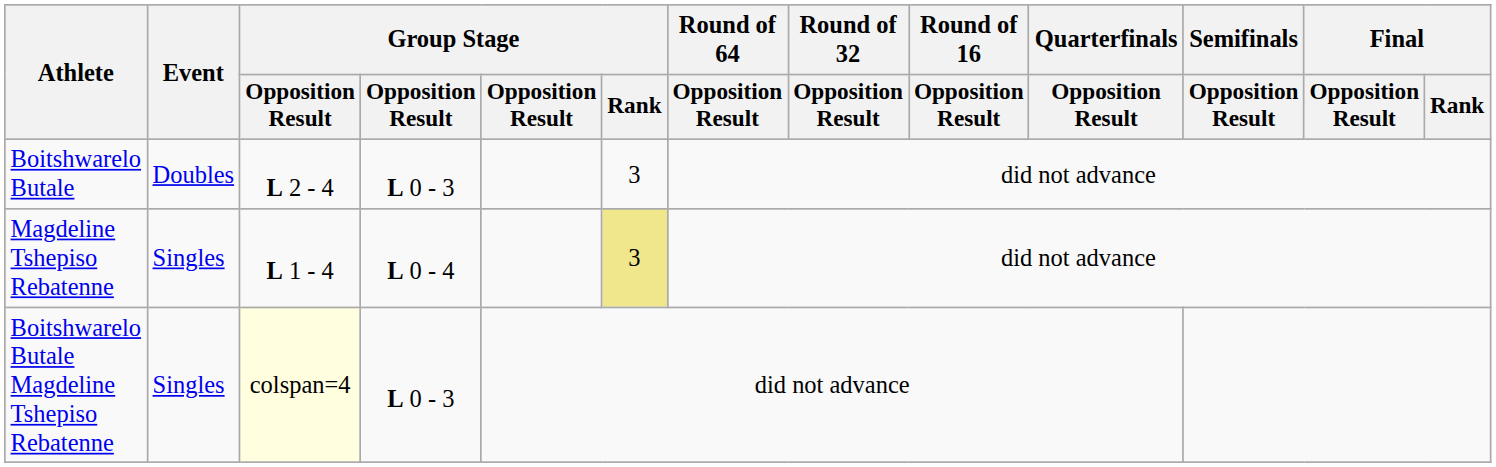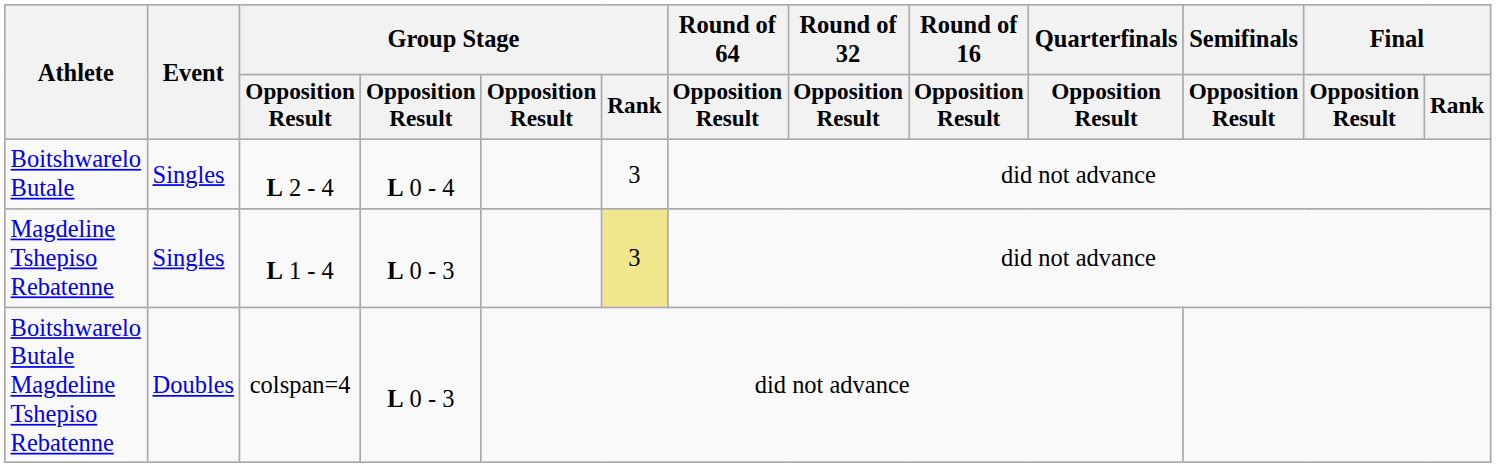 <table class="wikitable" style="font-size:90%">
 <tr>
 <th rowspan=2>Athlete</th>
 <th rowspan=2>Event</th>
 <th colspan=4>Group Stage</th>
 <th>Round of 64</th>
 <th>Round of 32</th>
 <th>Round of 16</th>
 <th>Quarterfinals</th>
 <th>Semifinals</th>
 <th colspan=2>Final</th>
 </tr>
 <tr style="font-size:95%">
 <th>Opposition<br>Result</th>
 <th>Opposition<br>Result</th>
 <th>Opposition<br>Result</th>
 <th>Rank</th>
 <th>Opposition<br>Result</th>
 <th>Opposition<br>Result</th>
 <th>Opposition<br>Result</th>
 <th>Opposition<br>Result</th>
 <th>Opposition<br>Result</th>
 <th>Opposition<br>Result</th>
 <th>Rank</th>
 </tr>
 <tr align=center>
 <td align=left><a href='#'>Boitshwarelo Butale</a></td>
-<td align=left><a href='#'>Doubles</a></td>
+<td align=left><a href='#'>Singles</a></td>
 <td><br><strong>L</strong> 2 - 4</td>
-<td><br><strong>L</strong> 0 - 3</td>
+<td><br><strong>L</strong> 0 - 4</td>
 <td></td>
 <td>3</td>
 <td colspan=7>did not advance</td>
 </tr>
 <tr align=center>
 <td align=left><a href='#'>Magdeline Tshepiso Rebatenne</a></td>
 <td align=left><a href='#'>Singles</a></td>
 <td><br><strong>L</strong> 1 - 4</td>
-<td><br><strong>L</strong> 0 - 4</td>
+<td><br><strong>L</strong> 0 - 3</td>
 <td></td>
 <td style="background: khaki;">3</td>
 <td colspan=7>did not advance</td>
 </tr>
 <tr align=center>
 <td align=left><a href='#'>Boitshwarelo Butale</a><br><a href='#'>Magdeline Tshepiso Rebatenne</a></td>
-<td align=left><a href='#'>Singles</a></td>
-<td style="background: lightyellow;">colspan=4 </td>
+<td align=left><a href='#'>Doubles</a></td>
+<td>colspan=4 </td>
 <td><br><strong>L</strong> 0 - 3</td>
 <td colspan=6>did not advance</td>
 </tr>
 </table>
